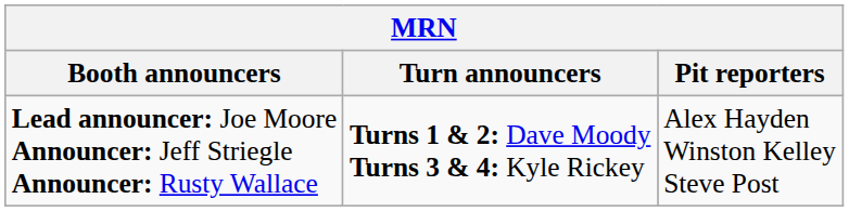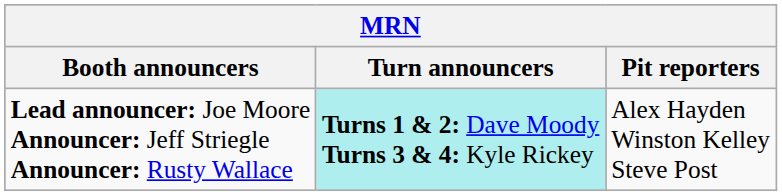 <table class="wikitable" style="font-size: 95%;">
 <tr>
 <th colspan="3"><a href='#'>MRN</a></th>
 </tr>
 <tr>
 <th>Booth announcers</th>
 <th>Turn announcers</th>
 <th>Pit reporters</th>
 </tr>
 <tr>
 <td><strong>Lead announcer:</strong> Joe Moore<br><strong>Announcer:</strong> Jeff Striegle<br><strong>Announcer:</strong> <a href='#'>Rusty Wallace</a></td>
-<td><strong>Turns 1 & 2:</strong> <a href='#'>Dave Moody</a><br><strong>Turns 3 & 4:</strong> Kyle Rickey</td>
+<td style="background: paleturquoise;"><strong>Turns 1 & 2:</strong> <a href='#'>Dave Moody</a><br><strong>Turns 3 & 4:</strong> Kyle Rickey</td>
 <td>Alex Hayden<br>Winston Kelley<br>Steve Post</td>
 </tr>
 </table>
